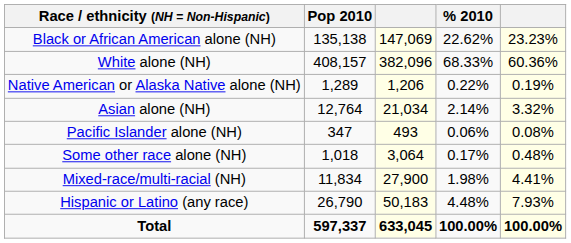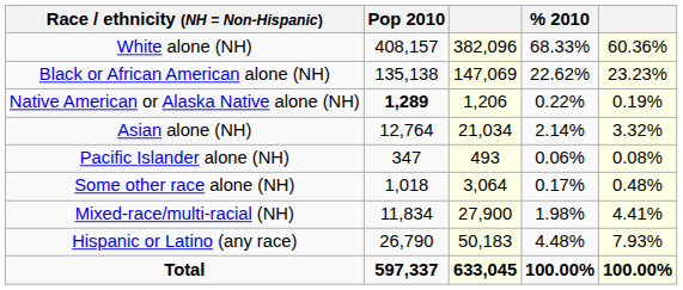 <table class="wikitable" style="text-align:center;">
 <tr>
 <th>Race / ethnicity <small>(<em>NH = Non-Hispanic</em>)</small></th>
 <th>Pop 2010</th>
 <th></th>
 <th>% 2010</th>
 <th></th>
 </tr>
 <tr>
+<td><a href='#'>White</a> alone (NH)</td>
+<td>408,157</td>
+<td style='background: #ffffe6;'>382,096</td>
+<td>68.33%</td>
+<td style='background: #ffffe6;'>60.36%</td>
+</tr>
+<tr>
 <td><a href='#'>Black or African American</a> alone (NH)</td>
 <td>135,138</td>
 <td style='background: #ffffe6;'>147,069</td>
 <td>22.62%</td>
 <td style='background: #ffffe6;'>23.23%</td>
 </tr>
 <tr>
-<td><a href='#'>White</a> alone (NH)</td>
-<td>408,157</td>
-<td style='background: #ffffe6;'>382,096</td>
-<td>68.33%</td>
-<td style='background: #ffffe6;'>60.36%</td>
-</tr>
-<tr>
 <td><a href='#'>Native American</a> or <a href='#'>Alaska Native</a> alone (NH)</td>
-<td>1,289</td>
+<td><strong>1,289</strong></td>
 <td style='background: #ffffe6;'>1,206</td>
 <td>0.22%</td>
 <td style='background: #ffffe6;'>0.19%</td>
 </tr>
 <tr>
 <td><a href='#'>Asian</a> alone (NH)</td>
 <td>12,764</td>
 <td style='background: #ffffe6;'>21,034</td>
 <td>2.14%</td>
 <td style='background: #ffffe6;'>3.32%</td>
 </tr>
 <tr>
 <td><a href='#'>Pacific Islander</a> alone (NH)</td>
 <td>347</td>
 <td style='background: #ffffe6;'>493</td>
 <td>0.06%</td>
 <td style='background: #ffffe6;'>0.08%</td>
 </tr>
 <tr>
 <td><a href='#'>Some other race</a> alone (NH)</td>
 <td>1,018</td>
 <td style='background: #ffffe6;'>3,064</td>
 <td>0.17%</td>
 <td style='background: #ffffe6;'>0.48%</td>
 </tr>
 <tr>
 <td><a href='#'>Mixed-race/multi-racial</a> (NH)</td>
 <td>11,834</td>
 <td style='background: #ffffe6;'>27,900</td>
 <td>1.98%</td>
 <td style='background: #ffffe6;'>4.41%</td>
 </tr>
 <tr>
 <td><a href='#'>Hispanic or Latino</a> (any race)</td>
 <td>26,790</td>
 <td style='background: #ffffe6;'>50,183</td>
 <td>4.48%</td>
 <td style='background: #ffffe6;'>7.93%</td>
 </tr>
 <tr>
 <td><strong>Total</strong></td>
 <td><strong>597,337</strong></td>
 <td style='background: #ffffe6;'><strong>633,045</strong></td>
 <td><strong>100.00%</strong></td>
 <td style='background: #ffffe6;'><strong>100.00%</strong></td>
 </tr>
 </table>
